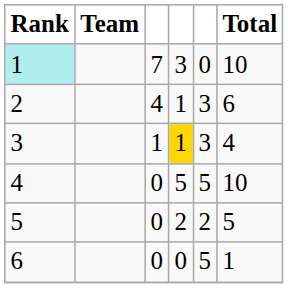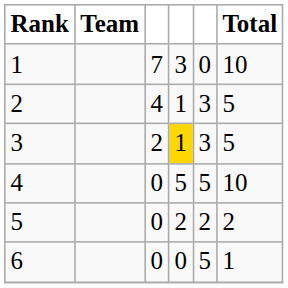 <table class="wikitable collapsible" border="1">
 <tr>
 <th style="background:white;">Rank</th>
 <th style="background:white;">Team</th>
 <th style="background:white;"></th>
 <th style="background:white;"></th>
 <th style="background:white;"></th>
 <th style="background:white;">Total</th>
 </tr>
 <tr>
-<td style="background: paleturquoise;">1</td>
+<td>1</td>
 <td></td>
 <td>7</td>
 <td>3</td>
 <td>0</td>
 <td>10</td>
 </tr>
 <tr>
 <td>2</td>
 <td></td>
 <td>4</td>
 <td>1</td>
 <td>3</td>
-<td>6</td>
+<td>5</td>
 </tr>
 <tr>
 <td>3</td>
 <td></td>
-<td>1</td>
+<td>2</td>
 <td style="background: gold;">1</td>
 <td>3</td>
-<td>4</td>
+<td>5</td>
 </tr>
 <tr>
 <td>4</td>
 <td></td>
 <td>0</td>
 <td>5</td>
 <td>5</td>
 <td>10</td>
 </tr>
 <tr>
 <td>5</td>
 <td></td>
 <td>0</td>
 <td>2</td>
 <td>2</td>
-<td>5</td>
+<td>2</td>
 </tr>
 <tr>
 <td>6</td>
 <td></td>
 <td>0</td>
 <td>0</td>
 <td>5</td>
 <td>1</td>
 </tr>
 <tr>
 </tr>
 </table>
